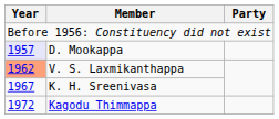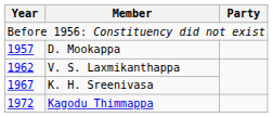 <table class="wikitable sortable">
 <tr>
 <th>Year</th>
 <th>Member</th>
 <th colspan="2">Party</th>
 </tr>
 <tr>
 <td colspan=4>Before 1956: <em>Constituency did not exist</em></td>
 </tr>
 <tr>
-<td style="background: lavender;"><a href='#'>1957</a></td>
+<td><a href='#'>1957</a></td>
 <td>D. Mookappa</td>
 <td></td>
 </tr>
 <tr>
-<td style="background: lightsalmon;"><a href='#'>1962</a></td>
+<td><a href='#'>1962</a></td>
 <td>V. S. Laxmikanthappa</td>
 </tr>
 <tr>
 <td><a href='#'>1967</a></td>
 <td>K. H. Sreenivasa</td>
 </tr>
 <tr>
 <td><a href='#'>1972</a></td>
 <td><a href='#'>Kagodu Thimmappa</a></td>
 <td></td>
 </tr>
 </table>
